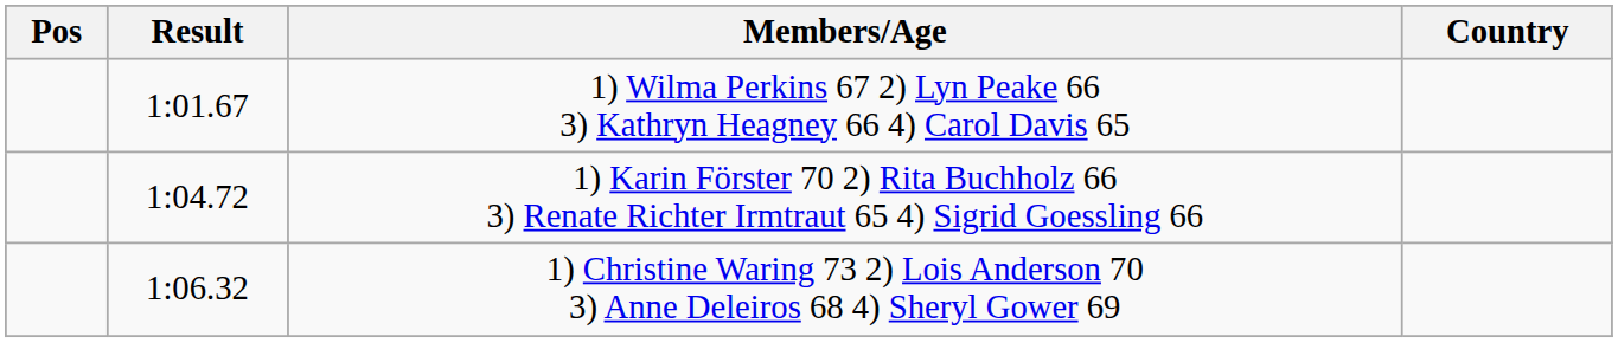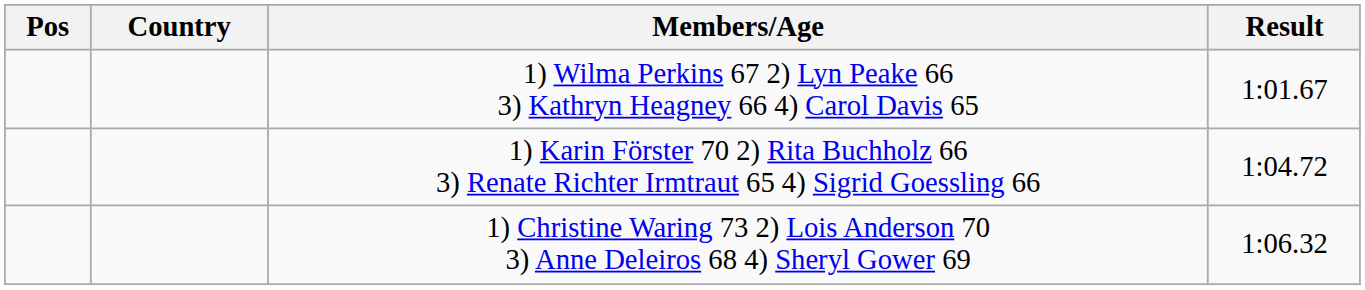 <table class="wikitable"  style="text-align:center; width:60%;">
 <tr>
 <th>Pos</th>
+<th>Country</th>
+<th>Members/Age</th>
 <th>Result</th>
-<th>Members/Age</th>
-<th>Country</th>
 </tr>
 <tr>
 <td align=center></td>
+<td align=left></td>
+<td>1) <a href='#'>Wilma Perkins</a> 67 2) <a href='#'>Lyn Peake</a> 66<br>3) <a href='#'>Kathryn Heagney</a> 66 4) <a href='#'>Carol Davis</a> 65</td>
 <td>1:01.67</td>
-<td>1) <a href='#'>Wilma Perkins</a> 67 2) <a href='#'>Lyn Peake</a> 66<br>3) <a href='#'>Kathryn Heagney</a> 66 4) <a href='#'>Carol Davis</a> 65</td>
-<td align=left></td>
 </tr>
 <tr>
 <td align=center></td>
+<td align=left></td>
+<td>1) <a href='#'>Karin Förster</a> 70 2) <a href='#'>Rita Buchholz</a> 66<br>3) <a href='#'>Renate Richter Irmtraut</a> 65 4) <a href='#'>Sigrid Goessling</a> 66</td>
 <td>1:04.72</td>
-<td>1) <a href='#'>Karin Förster</a> 70 2) <a href='#'>Rita Buchholz</a> 66<br>3) <a href='#'>Renate Richter Irmtraut</a> 65 4) <a href='#'>Sigrid Goessling</a> 66</td>
-<td align=left></td>
 </tr>
 <tr>
 <td align=center></td>
+<td align=left></td>
+<td>1) <a href='#'>Christine Waring</a> 73 2) <a href='#'>Lois Anderson</a> 70<br>3) <a href='#'>Anne Deleiros</a> 68 4) <a href='#'>Sheryl Gower</a> 69</td>
 <td>1:06.32</td>
-<td>1) <a href='#'>Christine Waring</a> 73 2) <a href='#'>Lois Anderson</a> 70<br>3) <a href='#'>Anne Deleiros</a> 68 4) <a href='#'>Sheryl Gower</a> 69</td>
-<td align=left></td>
 </tr>
 </table>
